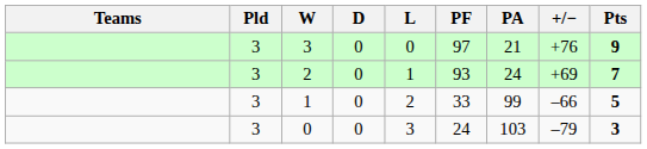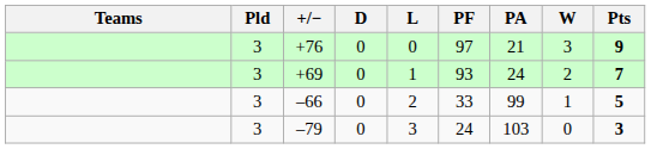 <table class="wikitable" style="text-align: center;">
 <tr>
 <th style="width:200px;">Teams</th>
 <th width="40">Pld</th>
-<th width="40">W</th>
+<th width="40">+/−</th>
 <th width="40">D</th>
 <th width="40">L</th>
 <th width="40">PF</th>
 <th width="40">PA</th>
-<th width="40">+/−</th>
+<th width="40">W</th>
 <th width="40">Pts</th>
 </tr>
 <tr bgcolor=ccffcc>
 <td align=left></td>
 <td>3</td>
-<td>3</td>
+<td>+76</td>
 <td>0</td>
 <td>0</td>
 <td>97</td>
 <td>21</td>
-<td>+76</td>
+<td>3</td>
 <td><strong>9</strong></td>
 </tr>
 <tr bgcolor=ccffcc>
 <td align=left></td>
 <td>3</td>
-<td>2</td>
+<td>+69</td>
 <td>0</td>
 <td>1</td>
 <td>93</td>
 <td>24</td>
-<td>+69</td>
+<td>2</td>
 <td><strong>7</strong></td>
 </tr>
 <tr>
 <td align=left></td>
 <td>3</td>
-<td>1</td>
+<td>–66</td>
 <td>0</td>
 <td>2</td>
 <td>33</td>
 <td>99</td>
-<td>–66</td>
+<td>1</td>
 <td><strong>5</strong></td>
 </tr>
 <tr>
 <td align=left></td>
 <td>3</td>
-<td>0</td>
+<td>–79</td>
 <td>0</td>
 <td>3</td>
 <td>24</td>
 <td>103</td>
-<td>–79</td>
+<td>0</td>
 <td><strong>3</strong></td>
 </tr>
 </table>
